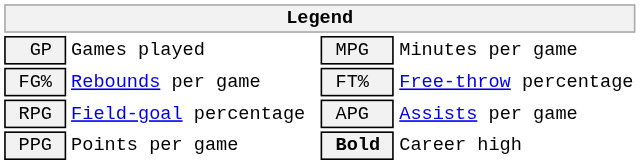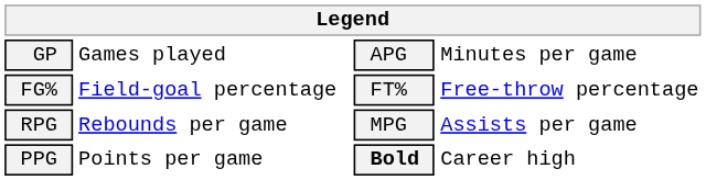 <table class="toccolours" style="font-size: 90%; white-space: nowrap;">
 <tr>
 <th colspan="6" style="background:#f2f2f2; border:1px solid #aaa;">Legend</th>
 </tr>
 <tr>
 <td style="background:#f2f2f2; border:1px solid black;">  GP</td>
 <td>Games played</td>
-<td style="background:#f2f2f2; border:1px solid black;"> MPG </td>
+<td style="background:#f2f2f2; border:1px solid black;"> APG </td>
 <td>Minutes per game</td>
 </tr>
 <tr>
 <td style="background:#f2f2f2; border:1px solid black;"> FG% </td>
-<td><a href='#'>Rebounds</a> per game</td>
+<td style="padding-right: 8px"><a href='#'>Field-goal</a> percentage</td>
 <td style="background:#f2f2f2; border:1px solid black;"> FT% </td>
 <td><a href='#'>Free-throw</a> percentage</td>
 </tr>
 <tr>
 <td style="background:#f2f2f2; border:1px solid black;"> RPG </td>
-<td style="padding-right: 8px"><a href='#'>Field-goal</a> percentage</td>
-<td style="background:#f2f2f2; border:1px solid black;"> APG </td>
+<td><a href='#'>Rebounds</a> per game</td>
+<td style="background:#f2f2f2; border:1px solid black;"> MPG </td>
 <td><a href='#'>Assists</a> per game</td>
 </tr>
 <tr>
 <td style="background:#f2f2f2; border:1px solid black;"> PPG </td>
 <td>Points per game</td>
 <td style="background-color: #F2F2F2; border: 1px solid black"> <strong>Bold</strong> </td>
 <td>Career high</td>
 </tr>
 </table>
